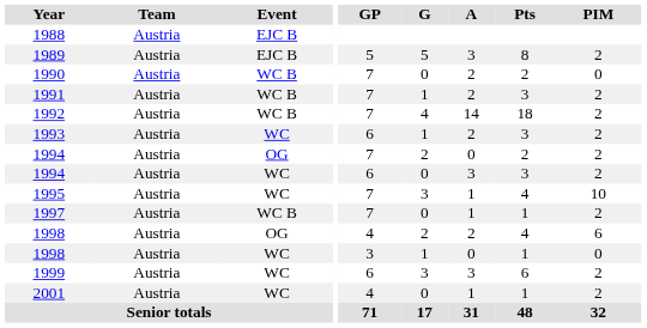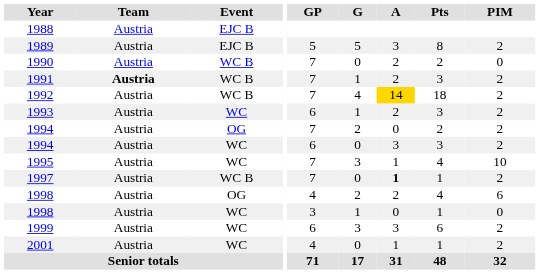 <table border="0" cellpadding="1" cellspacing="0" style="text-align:center; width:40em">
 <tr bgcolor="#e0e0e0">
 <th>Year</th>
 <th>Team</th>
 <th>Event</th>
 <th rowspan="99" bgcolor="#ffffff"></th>
 <th>GP</th>
 <th>G</th>
 <th>A</th>
 <th>Pts</th>
 <th>PIM</th>
 </tr>
 <tr>
 <td><a href='#'>1988</a></td>
 <td><a href='#'>Austria</a></td>
 <td><a href='#'>EJC B</a></td>
 <td></td>
 <td></td>
 <td></td>
 <td></td>
 <td></td>
 </tr>
 <tr bgcolor="#f0f0f0">
 <td><a href='#'>1989</a></td>
 <td>Austria</td>
 <td>EJC B</td>
 <td>5</td>
 <td>5</td>
 <td>3</td>
 <td>8</td>
 <td>2</td>
 </tr>
 <tr>
 <td><a href='#'>1990</a></td>
 <td><a href='#'>Austria</a></td>
 <td><a href='#'>WC B</a></td>
 <td>7</td>
 <td>0</td>
 <td>2</td>
 <td>2</td>
 <td>0</td>
 </tr>
 <tr bgcolor="#f0f0f0">
 <td><a href='#'>1991</a></td>
-<td>Austria</td>
+<td><strong>Austria</strong></td>
 <td>WC B</td>
 <td>7</td>
 <td>1</td>
 <td>2</td>
 <td>3</td>
 <td>2</td>
 </tr>
 <tr>
 <td><a href='#'>1992</a></td>
 <td>Austria</td>
 <td>WC B</td>
 <td>7</td>
 <td>4</td>
-<td>14</td>
+<td style="background: gold;">14</td>
 <td>18</td>
 <td>2</td>
 </tr>
 <tr bgcolor="#f0f0f0">
 <td><a href='#'>1993</a></td>
 <td>Austria</td>
 <td><a href='#'>WC</a></td>
 <td>6</td>
 <td>1</td>
 <td>2</td>
 <td>3</td>
 <td>2</td>
 </tr>
 <tr>
 <td><a href='#'>1994</a></td>
 <td>Austria</td>
 <td><a href='#'>OG</a></td>
 <td>7</td>
 <td>2</td>
 <td>0</td>
 <td>2</td>
 <td>2</td>
 </tr>
 <tr bgcolor="#f0f0f0">
 <td><a href='#'>1994</a></td>
 <td>Austria</td>
 <td>WC</td>
 <td>6</td>
 <td>0</td>
 <td>3</td>
 <td>3</td>
 <td>2</td>
 </tr>
 <tr>
 <td><a href='#'>1995</a></td>
 <td>Austria</td>
 <td>WC</td>
 <td>7</td>
 <td>3</td>
 <td>1</td>
 <td>4</td>
 <td>10</td>
 </tr>
 <tr bgcolor="#f0f0f0">
 <td><a href='#'>1997</a></td>
 <td>Austria</td>
 <td>WC B</td>
 <td>7</td>
 <td>0</td>
-<td>1</td>
+<td><strong>1</strong></td>
 <td>1</td>
 <td>2</td>
 </tr>
 <tr>
 <td><a href='#'>1998</a></td>
 <td>Austria</td>
 <td>OG</td>
 <td>4</td>
 <td>2</td>
 <td>2</td>
 <td>4</td>
 <td>6</td>
 </tr>
 <tr bgcolor="#f0f0f0">
 <td><a href='#'>1998</a></td>
 <td>Austria</td>
 <td>WC</td>
 <td>3</td>
 <td>1</td>
 <td>0</td>
 <td>1</td>
 <td>0</td>
 </tr>
 <tr>
 <td><a href='#'>1999</a></td>
 <td>Austria</td>
 <td>WC</td>
 <td>6</td>
 <td>3</td>
 <td>3</td>
 <td>6</td>
 <td>2</td>
 </tr>
 <tr bgcolor="#f0f0f0">
 <td><a href='#'>2001</a></td>
 <td>Austria</td>
 <td>WC</td>
 <td>4</td>
 <td>0</td>
 <td>1</td>
 <td>1</td>
 <td>2</td>
 </tr>
 <tr bgcolor="#e0e0e0">
 <th colspan="3">Senior totals</th>
 <th>71</th>
 <th>17</th>
 <th>31</th>
 <th>48</th>
 <th>32</th>
 </tr>
 </table>
